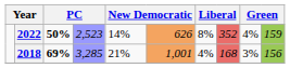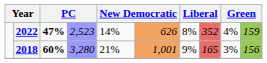 <table class="wikitable" style="width:400; font-size:90%; margin-left:1em;">
 <tr>
 <th colspan="2" scope="col">Year</th>
 <th colspan="2" scope="col"><a href='#'>PC</a></th>
 <th colspan="2" scope="col"><a href='#'>New Democratic</a></th>
 <th colspan="2" scope="col"><a href='#'>Liberal</a></th>
 <th colspan="2" scope="col"><a href='#'>Green</a></th>
 </tr>
 <tr>
 <td rowspan="2" style="width: 0.25em; background-color: "></td>
 <th><a href='#'>2022</a></th>
-<td><strong>50%</strong></td>
+<td><strong>47%</strong></td>
 <td style="text-align:right; background:#9999FF;"><em>2,523</em></td>
 <td>14%</td>
 <td style="text-align:right; background:#F4A460;"><em>626</em></td>
 <td>8%</td>
 <td style="text-align:right; background:#EA6D6A;"><em>352</em></td>
 <td>4%</td>
 <td style="text-align:right; background:#99C955;"><em>159</em></td>
 </tr>
 <tr>
 <th><a href='#'>2018</a></th>
-<td><strong>69%</strong></td>
-<td style="text-align:right; background:#9999FF;"><em>3,285</em></td>
+<td><strong>60%</strong></td>
+<td style="text-align:right; background:#9999FF;"><em>3,280</em></td>
 <td>21%</td>
 <td style="text-align:right; background:#F4A460;"><em>1,001</em></td>
-<td>4%</td>
-<td style="text-align:right; background:#EA6D6A;"><em>168</em></td>
+<td>9%</td>
+<td style="text-align:right; background:#EA6D6A;"><em>165</em></td>
 <td>3%</td>
 <td style="text-align:right; background:#99C955;"><em>156</em></td>
 </tr>
 <tr>
 </tr>
 </table>
